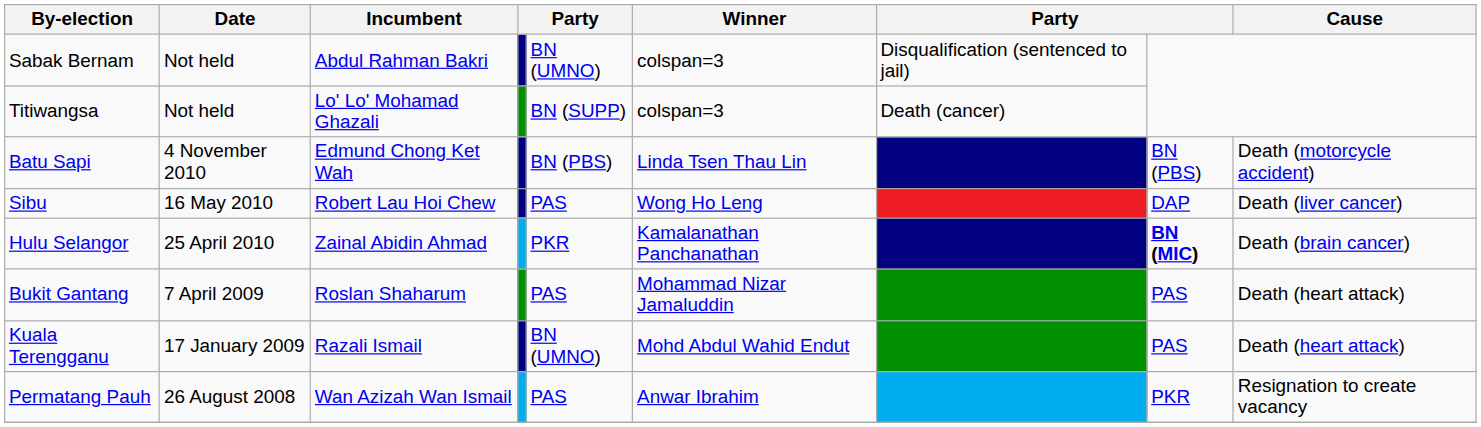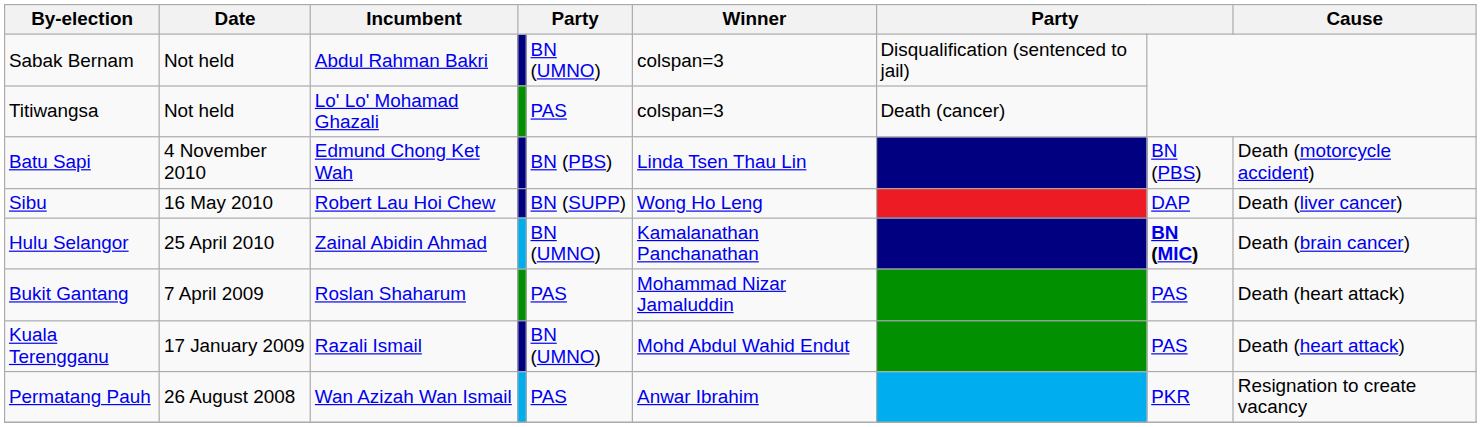 <table class="wikitable">
 <tr>
 <th>By-election</th>
 <th>Date</th>
 <th>Incumbent</th>
 <th colspan=2>Party</th>
 <th>Winner</th>
 <th colspan=2>Party</th>
 <th>Cause</th>
 </tr>
 <tr>
 <td>Sabak Bernam</td>
 <td>Not held</td>
 <td><a href='#'>Abdul Rahman Bakri</a></td>
 <td bgcolor=#000080></td>
 <td><a href='#'>BN</a> (<a href='#'>UMNO</a>)</td>
 <td>colspan=3 </td>
 <td>Disqualification (sentenced to jail)</td>
 </tr>
 <tr>
 <td>Titiwangsa</td>
 <td>Not held</td>
 <td><a href='#'>Lo' Lo' Mohamad Ghazali</a></td>
 <td bgcolor=#009000></td>
-<td><a href='#'>BN</a> (<a href='#'>SUPP</a>)</td>
+<td><a href='#'>PAS</a></td>
 <td>colspan=3 </td>
 <td>Death (cancer)</td>
 </tr>
 <tr>
 <td><a href='#'>Batu Sapi</a></td>
 <td>4 November 2010</td>
 <td><a href='#'>Edmund Chong Ket Wah</a></td>
 <td bgcolor=#000080></td>
 <td><a href='#'>BN</a> (<a href='#'>PBS</a>)</td>
 <td><a href='#'>Linda Tsen Thau Lin</a></td>
 <td bgcolor=#000080></td>
 <td><a href='#'>BN</a> (<a href='#'>PBS</a>)</td>
 <td>Death (<a href='#'>motorcycle accident</a>)</td>
 </tr>
 <tr>
 <td><a href='#'>Sibu</a></td>
 <td>16 May 2010</td>
 <td><a href='#'>Robert Lau Hoi Chew</a></td>
 <td bgcolor=#000080></td>
-<td><a href='#'>PAS</a></td>
+<td><a href='#'>BN</a> (<a href='#'>SUPP</a>)</td>
 <td><a href='#'>Wong Ho Leng</a></td>
 <td bgcolor=#ED1C24></td>
 <td><a href='#'>DAP</a></td>
 <td>Death (<a href='#'>liver cancer</a>)</td>
 </tr>
 <tr>
 <td><a href='#'>Hulu Selangor</a></td>
 <td>25 April 2010</td>
 <td><a href='#'>Zainal Abidin Ahmad</a></td>
 <td bgcolor=#00ADEF></td>
-<td><a href='#'>PKR</a></td>
+<td><a href='#'>BN</a> (<a href='#'>UMNO</a>)</td>
 <td><a href='#'>Kamalanathan Panchanathan</a></td>
 <td bgcolor=#000080></td>
 <td><strong><a href='#'>BN</a> (<a href='#'>MIC</a>)</strong></td>
 <td>Death (<a href='#'>brain cancer</a>)</td>
 </tr>
 <tr>
 <td><a href='#'>Bukit Gantang</a></td>
 <td>7 April 2009</td>
 <td><a href='#'>Roslan Shaharum</a></td>
 <td bgcolor=#009000></td>
 <td><a href='#'>PAS</a></td>
 <td><a href='#'>Mohammad Nizar Jamaluddin</a></td>
 <td bgcolor=#009000></td>
 <td><a href='#'>PAS</a></td>
 <td>Death (heart attack)</td>
 </tr>
 <tr>
 <td><a href='#'>Kuala Terengganu</a></td>
 <td>17 January 2009</td>
 <td><a href='#'>Razali Ismail</a></td>
 <td bgcolor=#000080></td>
 <td><a href='#'>BN</a> (<a href='#'>UMNO</a>)</td>
 <td><a href='#'>Mohd Abdul Wahid Endut</a></td>
 <td bgcolor=#009000></td>
 <td><a href='#'>PAS</a></td>
 <td>Death (<a href='#'>heart attack</a>)</td>
 </tr>
 <tr>
 <td><a href='#'>Permatang Pauh</a></td>
 <td>26 August 2008</td>
 <td><a href='#'>Wan Azizah Wan Ismail</a></td>
 <td bgcolor=#00ADEF></td>
 <td><a href='#'>PAS</a></td>
 <td><a href='#'>Anwar Ibrahim</a></td>
 <td bgcolor=#00ADEF></td>
 <td><a href='#'>PKR</a></td>
 <td>Resignation to create vacancy</td>
 </tr>
 <tr>
 </tr>
 </table>
